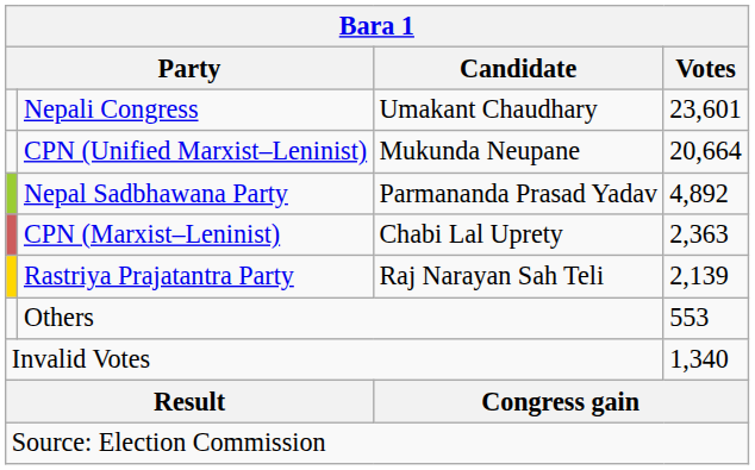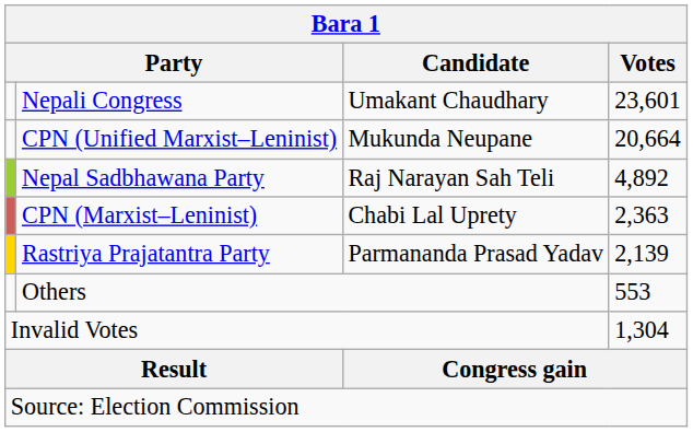 <table class="wikitable">
 <tr>
 <th colspan="4"><a href='#'>Bara 1</a></th>
 </tr>
 <tr>
 <th colspan="2">Party</th>
 <th>Candidate</th>
 <th>Votes</th>
 </tr>
 <tr>
 <td style="background-color:"></td>
 <td><a href='#'>Nepali Congress</a></td>
 <td>Umakant Chaudhary</td>
 <td>23,601</td>
 </tr>
 <tr>
 <td style="background-color:"></td>
 <td><a href='#'>CPN (Unified Marxist–Leninist)</a></td>
 <td>Mukunda Neupane</td>
 <td>20,664</td>
 </tr>
 <tr>
 <td style="background-color:yellowgreen"></td>
 <td><a href='#'>Nepal Sadbhawana Party</a></td>
-<td>Parmananda Prasad Yadav</td>
+<td>Raj Narayan Sah Teli</td>
 <td>4,892</td>
 </tr>
 <tr>
 <td style="background-color:indianred"></td>
 <td><a href='#'>CPN (Marxist–Leninist)</a></td>
 <td>Chabi Lal Uprety</td>
 <td>2,363</td>
 </tr>
 <tr>
 <td style="background-color:gold"></td>
 <td><a href='#'>Rastriya Prajatantra Party</a></td>
-<td>Raj Narayan Sah Teli</td>
+<td>Parmananda Prasad Yadav</td>
 <td>2,139</td>
 </tr>
 <tr>
 <td></td>
 <td colspan="2">Others</td>
 <td>553</td>
 </tr>
 <tr>
 <td colspan="3">Invalid Votes</td>
-<td>1,340</td>
+<td>1,304</td>
 </tr>
 <tr>
 <th colspan="2">Result</th>
 <th colspan="2">Congress gain</th>
 </tr>
 <tr>
 <td colspan="4">Source: Election Commission</td>
 </tr>
 </table>
